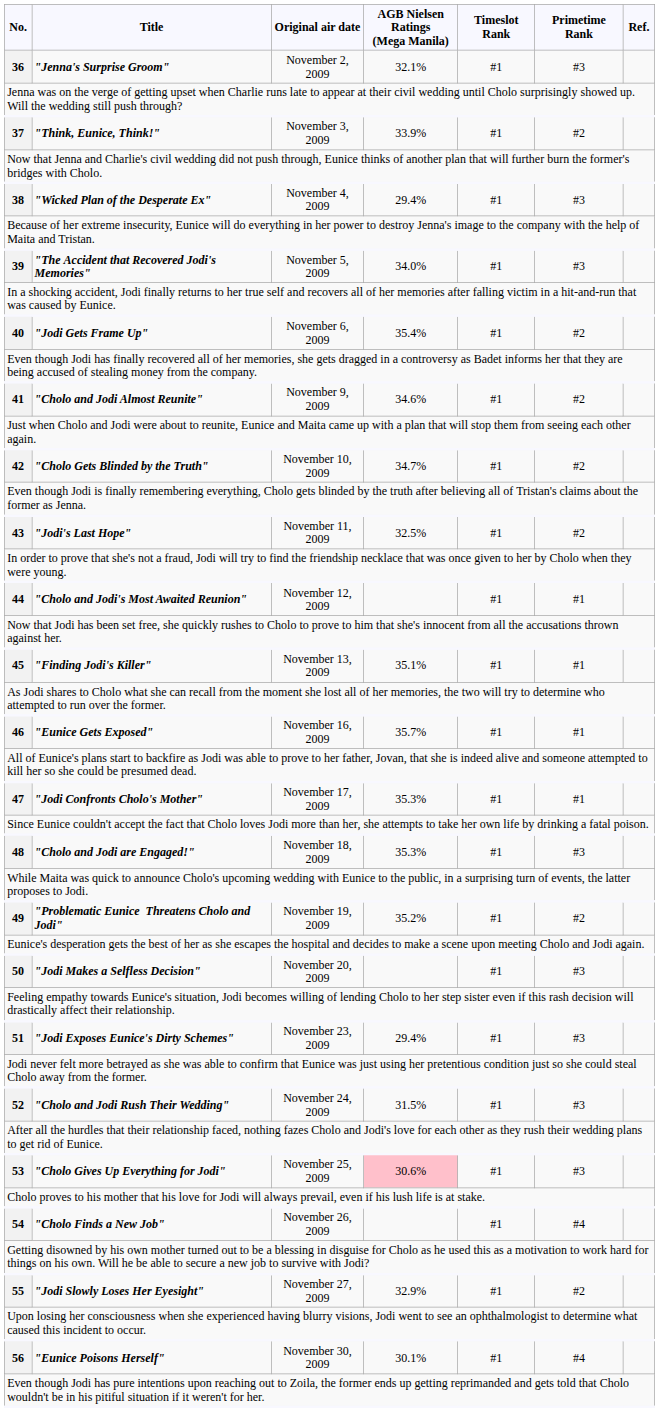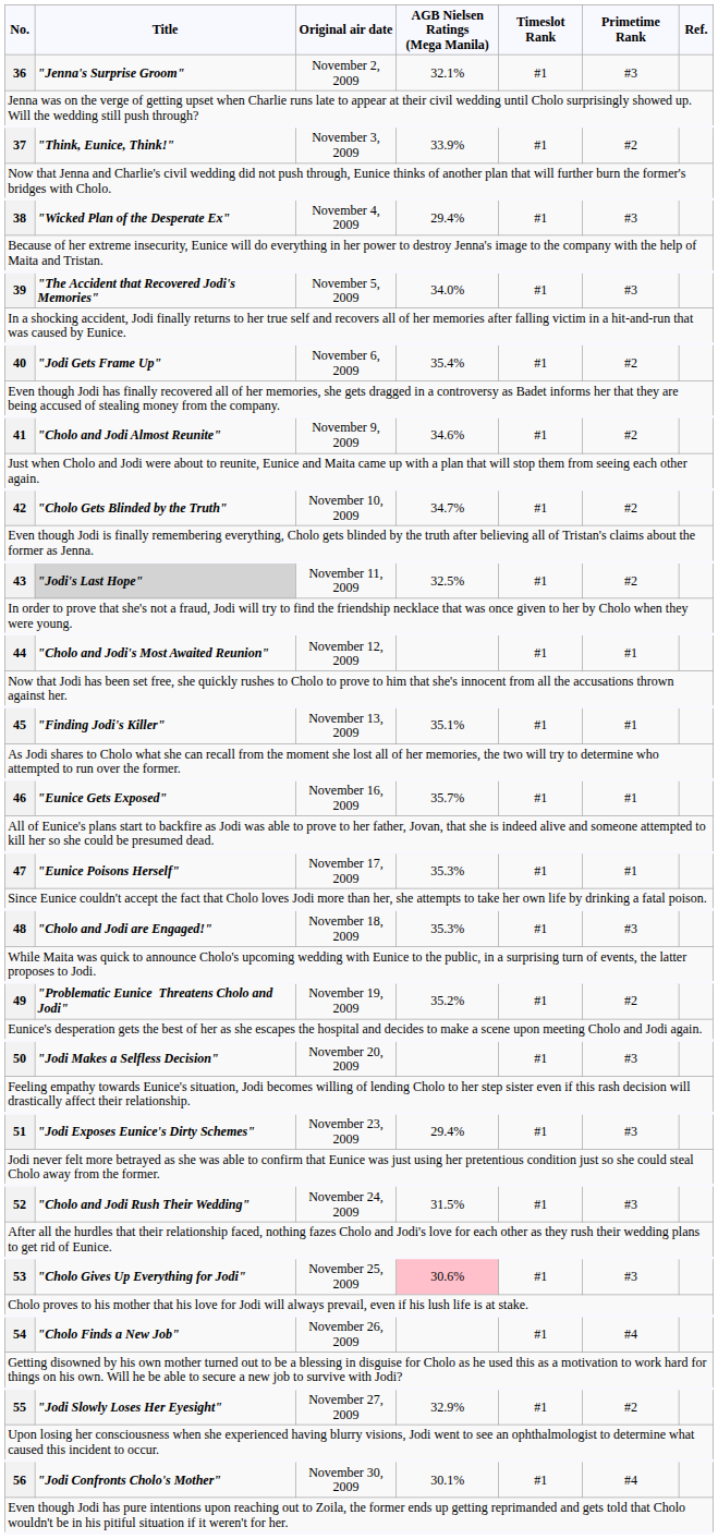 <table class="wikitable" style="text-align:center;">
 <tr>
 <th style="background:#F8F8FF; color:#000000">No.</th>
 <th style="background:#F8F8FF; color:#000000">Title</th>
 <th style="background:#F8F8FF; color:#000000">Original air date</th>
 <th style="background:#F8F8FF; color:#000000">AGB Nielsen Ratings<br>(Mega Manila)</th>
 <th style="background:#F8F8FF; color:#000000">Timeslot Rank</th>
 <th style="background:#F8F8FF; color:#000000">Primetime Rank</th>
 <th style="background:#F8F8FF; color:#000000">Ref.</th>
 </tr>
 <tr>
 <th>36</th>
 <td align="left"><strong><em>"Jenna's Surprise Groom"</em></strong></td>
 <td>November 2, 2009</td>
 <td>32.1%</td>
 <td>#1</td>
 <td>#3</td>
 <td></td>
 </tr>
 <tr>
 <td colspan = "7" style="text-align: left; border-bottom: 3px solid #F8F8FF;">Jenna was on the verge of getting upset when Charlie runs late to appear at their civil wedding until Cholo surprisingly showed up. Will the wedding still push through?</td>
 </tr>
 <tr>
 <th>37</th>
 <td align="left"><strong><em>"Think, Eunice, Think!"</em></strong></td>
 <td>November 3, 2009</td>
 <td>33.9%</td>
 <td>#1</td>
 <td>#2</td>
 <td></td>
 </tr>
 <tr>
 <td colspan = "7" style="text-align: left; border-bottom: 3px solid #F8F8FF;">Now that Jenna and Charlie's civil wedding did not push through, Eunice thinks of another plan that will further burn the former's bridges with Cholo.</td>
 </tr>
 <tr>
 <th>38</th>
 <td align="left"><strong><em>"Wicked Plan of the Desperate Ex"</em></strong></td>
 <td>November 4, 2009</td>
 <td>29.4%</td>
 <td>#1</td>
 <td>#3</td>
 <td></td>
 </tr>
 <tr>
 <td colspan = "7" style="text-align: left; border-bottom: 3px solid #F8F8FF;">Because of her extreme insecurity, Eunice will do everything in her power to destroy Jenna's image to the company with the help of Maita and Tristan.</td>
 </tr>
 <tr>
 <th>39</th>
 <td align="left"><strong><em>"The Accident that Recovered Jodi's Memories"</em></strong></td>
 <td>November 5, 2009</td>
 <td>34.0%</td>
 <td>#1</td>
 <td>#3</td>
 <td></td>
 </tr>
 <tr>
 <td colspan = "7" style="text-align: left; border-bottom: 3px solid #F8F8FF;">In a shocking accident, Jodi finally returns to her true self and recovers all of her memories after falling victim in a hit-and-run that was caused by Eunice.</td>
 </tr>
 <tr>
 <th>40</th>
 <td align="left"><strong><em>"Jodi Gets Frame Up"</em></strong></td>
 <td>November 6, 2009</td>
 <td>35.4%</td>
 <td>#1</td>
 <td>#2</td>
 <td></td>
 </tr>
 <tr>
 <td colspan = "7" style="text-align: left; border-bottom: 3px solid #F8F8FF;">Even though Jodi has finally recovered all of her memories, she gets dragged in a controversy as Badet informs her that they are being accused of stealing money from the company.</td>
 </tr>
 <tr>
 <th>41</th>
 <td align="left"><strong><em>"Cholo and Jodi Almost Reunite"</em></strong></td>
 <td>November 9, 2009</td>
 <td>34.6%</td>
 <td>#1</td>
 <td>#2</td>
 <td></td>
 </tr>
 <tr>
 <td colspan = "7" style="text-align: left; border-bottom: 3px solid #F8F8FF;">Just when Cholo and Jodi were about to reunite, Eunice and Maita came up with a plan that will stop them from seeing each other again.</td>
 </tr>
 <tr>
 <th>42</th>
 <td align="left"><strong><em>"Cholo Gets Blinded by the Truth"</em></strong></td>
 <td>November 10, 2009</td>
 <td>34.7%</td>
 <td>#1</td>
 <td>#2</td>
 <td></td>
 </tr>
 <tr>
 <td colspan = "7" style="text-align: left; border-bottom: 3px solid #F8F8FF;">Even though Jodi is finally remembering everything, Cholo gets blinded by the truth after believing all of Tristan's claims about the former as Jenna.</td>
 </tr>
 <tr>
 <th>43</th>
-<td align="left"><strong><em>"Jodi's Last Hope"</em></strong></td>
+<td align="left" style="background: lightgrey;"><strong><em>"Jodi's Last Hope"</em></strong></td>
 <td>November 11, 2009</td>
 <td>32.5%</td>
 <td>#1</td>
 <td>#2</td>
 <td></td>
 </tr>
 <tr>
 <td colspan = "7" style="text-align: left; border-bottom: 3px solid #F8F8FF;">In order to prove that she's not a fraud, Jodi will try to find the friendship necklace that was once given to her by Cholo when they were young.</td>
 </tr>
 <tr>
 <th>44</th>
 <td align="left"><strong><em>"Cholo and Jodi's Most Awaited Reunion"</em></strong></td>
 <td>November 12, 2009</td>
 <td></td>
 <td>#1</td>
 <td>#1</td>
 <td></td>
 </tr>
 <tr>
 <td colspan = "7" style="text-align: left; border-bottom: 3px solid #F8F8FF;">Now that Jodi has been set free, she quickly rushes to Cholo to prove to him that she's innocent from all the accusations thrown against her.</td>
 </tr>
 <tr>
 <th>45</th>
 <td align="left"><strong><em>"Finding Jodi's Killer"</em></strong></td>
 <td>November 13, 2009</td>
 <td>35.1%</td>
 <td>#1</td>
 <td>#1</td>
 <td></td>
 </tr>
 <tr>
 <td colspan = "7" style="text-align: left; border-bottom: 3px solid #F8F8FF;">As Jodi shares to Cholo what she can recall from the moment she lost all of her memories, the two will try to determine who attempted to run over the former.</td>
 </tr>
 <tr>
 <th>46</th>
 <td align="left"><strong><em>"Eunice Gets Exposed"</em></strong></td>
 <td>November 16, 2009</td>
 <td>35.7%</td>
 <td>#1</td>
 <td>#1</td>
 <td></td>
 </tr>
 <tr>
 <td colspan = "7" style="text-align: left; border-bottom: 3px solid #F8F8FF;">All of Eunice's plans start to backfire as Jodi was able to prove to her father, Jovan, that she is indeed alive and someone attempted to kill her so she could be presumed dead.</td>
 </tr>
 <tr>
 <th>47</th>
-<td align="left"><strong><em>"Jodi Confronts Cholo's Mother"</em></strong></td>
+<td align="left"><strong><em>"Eunice Poisons Herself"</em></strong></td>
 <td>November 17, 2009</td>
 <td>35.3%</td>
 <td>#1</td>
 <td>#1</td>
 <td></td>
 </tr>
 <tr>
 <td colspan = "7" style="text-align: left; border-bottom: 3px solid #F8F8FF;">Since Eunice couldn't accept the fact that Cholo loves Jodi more than her, she attempts to take her own life by drinking a fatal poison.</td>
 </tr>
 <tr>
 <th>48</th>
 <td align="left"><strong><em>"Cholo and Jodi are Engaged!"</em></strong></td>
 <td>November 18, 2009</td>
 <td>35.3%</td>
 <td>#1</td>
 <td>#3</td>
 <td></td>
 </tr>
 <tr>
 <td colspan = "7" style="text-align: left; border-bottom: 3px solid #F8F8FF;">While Maita was quick to announce Cholo's upcoming wedding with Eunice to the public, in a surprising turn of events, the latter proposes to Jodi.</td>
 </tr>
 <tr>
 <th>49</th>
 <td align="left"><strong><em>"Problematic Eunice  Threatens Cholo and Jodi"</em></strong></td>
 <td>November 19, 2009</td>
 <td>35.2%</td>
 <td>#1</td>
 <td>#2</td>
 <td></td>
 </tr>
 <tr>
 <td colspan = "7" style="text-align: left; border-bottom: 3px solid #F8F8FF;">Eunice's desperation gets the best of her as she escapes the hospital and decides to make a scene upon meeting Cholo and Jodi again.</td>
 </tr>
 <tr>
 <th>50</th>
 <td align="left"><strong><em>"Jodi Makes a Selfless Decision"</em></strong></td>
 <td>November 20, 2009</td>
 <td></td>
 <td>#1</td>
 <td>#3</td>
 <td></td>
 </tr>
 <tr>
 <td colspan = "7" style="text-align: left; border-bottom: 3px solid #F8F8FF;">Feeling empathy towards Eunice's situation, Jodi becomes willing of lending Cholo to her step sister even if this rash decision will drastically affect their relationship.</td>
 </tr>
 <tr>
 <th>51</th>
 <td align="left"><strong><em>"Jodi Exposes Eunice's Dirty Schemes"</em></strong></td>
 <td>November 23, 2009</td>
 <td>29.4%</td>
 <td>#1</td>
 <td>#3</td>
 <td></td>
 </tr>
 <tr>
 <td colspan = "7" style="text-align: left; border-bottom: 3px solid #F8F8FF;">Jodi never felt more betrayed as she was able to confirm that Eunice was just using her pretentious condition just so she could steal Cholo away from the former.</td>
 </tr>
 <tr>
 <th>52</th>
 <td align="left"><strong><em>"Cholo and Jodi Rush Their Wedding"</em></strong></td>
 <td>November 24, 2009</td>
 <td>31.5%</td>
 <td>#1</td>
 <td>#3</td>
 <td></td>
 </tr>
 <tr>
 <td colspan = "7" style="text-align: left; border-bottom: 3px solid #F8F8FF;">After all the hurdles that their relationship faced, nothing fazes Cholo and Jodi's love for each other as they rush their wedding plans to get rid of Eunice.</td>
 </tr>
 <tr>
 <th>53</th>
 <td align="left"><strong><em>"Cholo Gives Up Everything for Jodi"</em></strong></td>
 <td>November 25, 2009</td>
 <td style="background: pink;">30.6%</td>
 <td>#1</td>
 <td>#3</td>
 <td></td>
 </tr>
 <tr>
 <td colspan = "7" style="text-align: left; border-bottom: 3px solid #F8F8FF;">Cholo proves to his mother that his love for Jodi will always prevail, even if his lush life is at stake.</td>
 </tr>
 <tr>
 <th>54</th>
 <td align="left"><strong><em>"Cholo Finds a New Job"</em></strong></td>
 <td>November 26, 2009</td>
 <td></td>
 <td>#1</td>
 <td>#4</td>
 <td></td>
 </tr>
 <tr>
 <td colspan = "7" style="text-align: left; border-bottom: 3px solid #F8F8FF;">Getting disowned by his own mother turned out to be a blessing in disguise for Cholo as he used this as a motivation to work hard for things on his own. Will he be able to secure a new job to survive with Jodi?</td>
 </tr>
 <tr>
 <th>55</th>
 <td align="left"><strong><em>"Jodi Slowly Loses Her Eyesight"</em></strong></td>
 <td>November 27, 2009</td>
 <td>32.9%</td>
 <td>#1</td>
 <td>#2</td>
 <td></td>
 </tr>
 <tr>
 <td colspan = "7" style="text-align: left; border-bottom: 3px solid #F8F8FF;">Upon losing her consciousness when she experienced having blurry visions, Jodi went to see an ophthalmologist to determine what caused this incident to occur.</td>
 </tr>
 <tr>
 <th>56</th>
-<td align="left"><strong><em>"Eunice Poisons Herself"</em></strong></td>
+<td align="left"><strong><em>"Jodi Confronts Cholo's Mother"</em></strong></td>
 <td>November 30, 2009</td>
 <td>30.1%</td>
 <td>#1</td>
 <td>#4</td>
 <td></td>
 </tr>
 <tr>
 <td colspan = "7" style="text-align: left; border-bottom: 3px solid #F8F8FF;">Even though Jodi has pure intentions upon reaching out to Zoila, the former ends up getting reprimanded and gets told that Cholo wouldn't be in his pitiful situation if it weren't for her.</td>
 </tr>
 </table>
